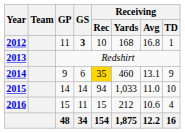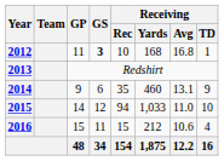 <table class="wikitable" style="text-align:center;">
 <tr>
 <th rowspan="2">Year</th>
 <th rowspan="2">Team</th>
 <th rowspan="2">GP</th>
 <th rowspan="2">GS</th>
 <th colspan="4">Receiving</th>
 </tr>
 <tr>
 <th>Rec</th>
 <th>Yards</th>
 <th>Avg</th>
 <th>TD</th>
 </tr>
 <tr>
 <th><a href='#'>2012</a></th>
 <th><a href='#'></a></th>
 <td>11</td>
 <td><strong>3</strong></td>
 <td>10</td>
 <td>168</td>
 <td>16.8</td>
 <td>1</td>
 </tr>
 <tr>
 <th><a href='#'>2013</a></th>
 <th><a href='#'></a></th>
 <td colspan="10"><em>Redshirt </em></td>
 </tr>
 <tr>
 <th><a href='#'>2014</a></th>
 <th><a href='#'></a></th>
 <td>9</td>
 <td>6</td>
-<td style="background: gold;">35</td>
+<td>35</td>
 <td>460</td>
 <td>13.1</td>
 <td>9</td>
 </tr>
 <tr>
 <th><a href='#'>2015</a></th>
 <th><a href='#'></a></th>
 <td>14</td>
-<td>14</td>
+<td>12</td>
 <td>94</td>
 <td>1,033</td>
 <td>11.0</td>
 <td>10</td>
 </tr>
 <tr>
 <th><a href='#'>2016</a></th>
 <th><a href='#'></a></th>
 <td>15</td>
 <td>11</td>
 <td>15</td>
 <td>212</td>
 <td>10.6</td>
 <td>4</td>
 </tr>
 <tr>
 <th align=center colspan="2"></th>
 <th>48</th>
 <th>34</th>
 <th>154</th>
 <th>1,875</th>
 <th>12.2</th>
 <th>16</th>
 </tr>
 </table>
